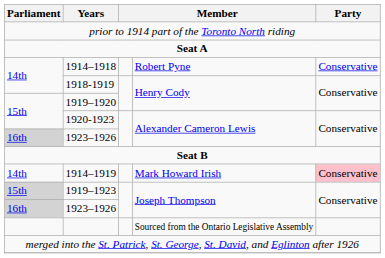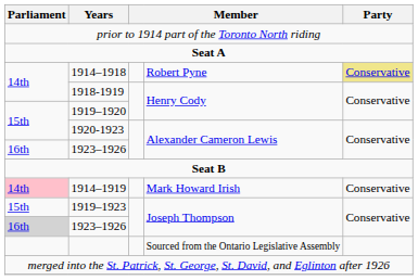 <table class="wikitable">
 <tr>
 <th>Parliament</th>
 <th>Years</th>
 <th colspan="2">Member</th>
 <th>Party</th>
 </tr>
 <tr>
 <td colspan="5" align="center"><em>prior to 1914 part of the <a href='#'>Toronto North</a> riding</em></td>
 </tr>
 <tr>
 <td colspan="5" align="center"><strong>Seat A</strong></td>
 </tr>
 <tr>
 <td rowspan="2"><a href='#'>14th</a></td>
 <td>1914–1918</td>
 <td>   </td>
 <td><a href='#'>Robert Pyne</a></td>
-<td><a href='#'>Conservative</a></td>
+<td style="background: khaki;"><a href='#'>Conservative</a></td>
 </tr>
 <tr>
 <td>1918-1919</td>
 <td rowspan="2" >   </td>
 <td rowspan="2"><a href='#'>Henry Cody</a></td>
 <td rowspan="2">Conservative</td>
 </tr>
 <tr>
 <td rowspan="2"><a href='#'>15th</a></td>
 <td>1919–1920</td>
 </tr>
 <tr>
 <td>1920-1923</td>
 <td rowspan="2" >   </td>
 <td rowspan="2"><a href='#'>Alexander Cameron Lewis</a></td>
 <td rowspan="2">Conservative</td>
 </tr>
 <tr>
-<td style="background: lightgrey;"><a href='#'>16th</a></td>
+<td><a href='#'>16th</a></td>
 <td>1923–1926</td>
 </tr>
 <tr>
 <td colspan="5" align="center"><strong>Seat B</strong></td>
 </tr>
 <tr>
-<td><a href='#'>14th</a></td>
+<td style="background: pink;"><a href='#'>14th</a></td>
 <td>1914–1919</td>
 <td>   </td>
 <td><a href='#'>Mark Howard Irish</a></td>
-<td style="background: pink;">Conservative</td>
+<td>Conservative</td>
 </tr>
 <tr>
-<td style="background: lightgrey;"><a href='#'>15th</a></td>
+<td><a href='#'>15th</a></td>
 <td>1919–1923</td>
 <td rowspan="2" >   </td>
 <td rowspan="2"><a href='#'>Joseph Thompson</a></td>
 <td rowspan="2">Conservative</td>
 </tr>
 <tr>
 <td style="background: lightgrey;"><a href='#'>16th</a></td>
 <td>1923–1926</td>
 </tr>
 <tr>
 <td></td>
 <td></td>
 <td></td>
 <td><small>Sourced from the Ontario Legislative Assembly</small></td>
 <td></td>
 </tr>
 <tr>
 <td colspan="5" align="center"><em>merged into the <a href='#'>St. Patrick</a>, <a href='#'>St. George</a>, <a href='#'>St. David</a>, and <a href='#'>Eglinton</a> after 1926</em></td>
 </tr>
 <tr>
 </tr>
 </table>
